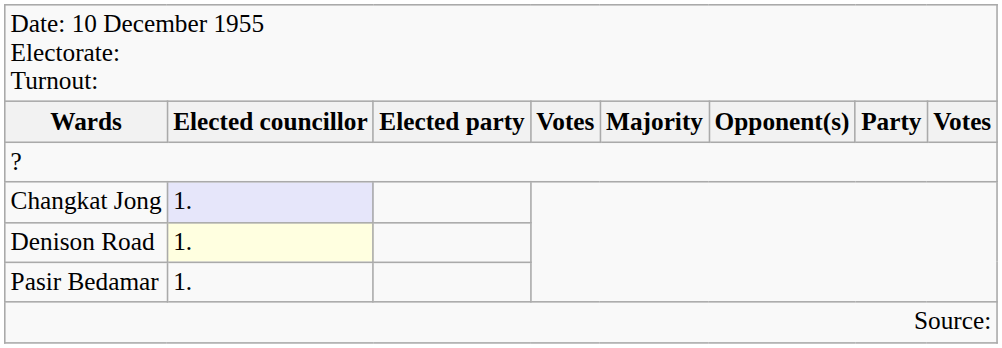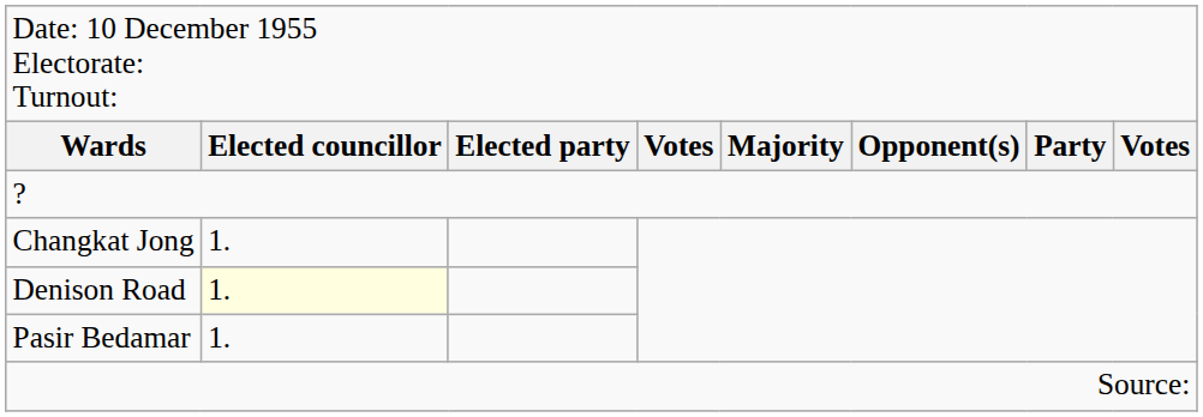 <table class=wikitable>
 <tr>
 <td colspan=8>Date: 10 December 1955<br>Electorate: <br>Turnout:</td>
 </tr>
 <tr>
 <th>Wards</th>
 <th>Elected councillor</th>
 <th>Elected party</th>
 <th>Votes</th>
 <th>Majority</th>
 <th>Opponent(s)</th>
 <th>Party</th>
 <th>Votes</th>
 </tr>
 <tr>
 <td colspan=8>? </td>
 </tr>
 <tr>
 <td>Changkat Jong</td>
-<td style="background: lavender;">1.</td>
+<td>1.</td>
 <td></td>
 </tr>
 <tr>
 <td>Denison Road</td>
 <td style="background: lightyellow;">1.</td>
 <td></td>
 </tr>
 <tr>
 <td>Pasir Bedamar</td>
 <td>1.</td>
 <td></td>
 </tr>
 <tr>
 <td colspan="8" style="text-align:right;">Source: </td>
 </tr>
 </table>
